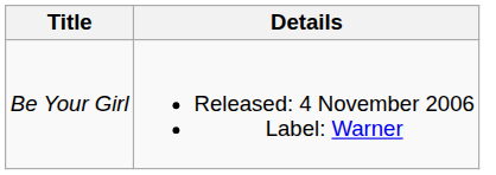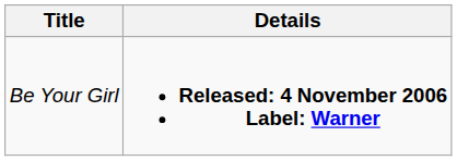 <table class="wikitable" style="text-align:center;">
 <tr>
 <th>Title</th>
 <th>Details</th>
 </tr>
 <tr>
 <td style="text-align:left;"><em>Be Your Girl</em></td>
-<td><br><ul><li>Released: 4 November 2006</li><li>Label: <a href='#'>Warner</a></li></ul></td>
+<td><strong><br><ul><li>Released: 4 November 2006</li><li>Label: <a href='#'>Warner</a></li></ul></strong></td>
 </tr>
 </table>
